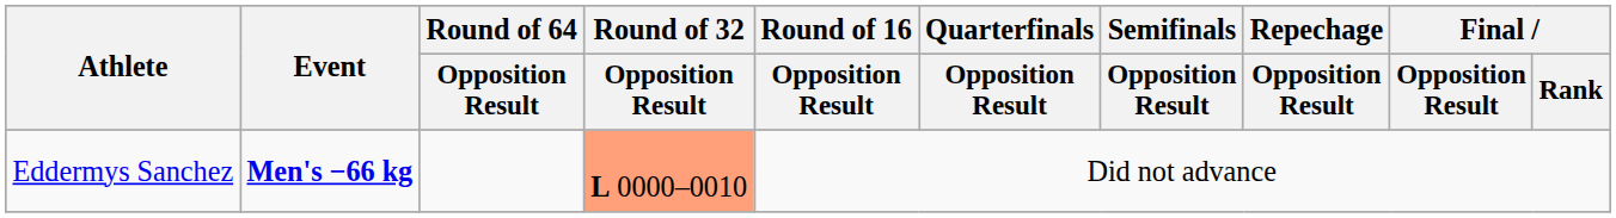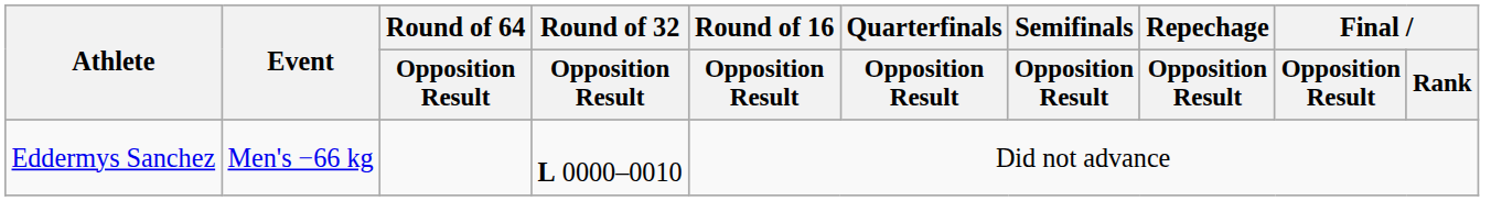 <table class="wikitable" style="font-size:90%">
 <tr>
 <th rowspan=2>Athlete</th>
 <th rowspan=2>Event</th>
 <th>Round of 64</th>
 <th>Round of 32</th>
 <th>Round of 16</th>
 <th>Quarterfinals</th>
 <th>Semifinals</th>
 <th>Repechage</th>
 <th colspan=2>Final / </th>
 </tr>
 <tr style="font-size:95%">
 <th>Opposition<br>Result</th>
 <th>Opposition<br>Result</th>
 <th>Opposition<br>Result</th>
 <th>Opposition<br>Result</th>
 <th>Opposition<br>Result</th>
 <th>Opposition<br>Result</th>
 <th>Opposition<br>Result</th>
 <th>Rank</th>
 </tr>
 <tr align=center>
 <td align=left><a href='#'>Eddermys Sanchez</a></td>
-<td align=left><strong><a href='#'>Men's −66 kg</a></strong></td>
+<td align=left><a href='#'>Men's −66 kg</a></td>
 <td></td>
-<td style="background: lightsalmon;"><br><strong>L</strong> 0000–0010</td>
+<td><br><strong>L</strong> 0000–0010</td>
 <td colspan=6>Did not advance</td>
 </tr>
 </table>
